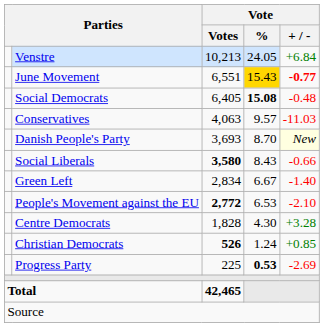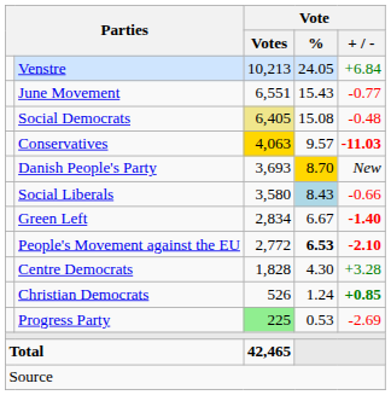 <table class="wikitable" style="text-align:right;">
 <tr>
 <th style="text-align:centre;" rowspan="2" colspan="2" width="225">Parties</th>
 <th colspan="3">Vote</th>
 </tr>
 <tr>
 <th width="15">Votes</th>
 <th width="15">%</th>
 <th width="15">+ / -</th>
 </tr>
 <tr>
 <td width="2" style="color:inherit;background:"></td>
 <td bgcolor=#cfe5fe   align="left"><a href='#'>Venstre</a></td>
 <td bgcolor=#cfe5fe>10,213</td>
 <td bgcolor=#cfe5fe>24.05</td>
 <td style=color:green;>+6.84</td>
 </tr>
 <tr>
 <td width="2" style="color:inherit;background:"></td>
 <td align="left"><a href='#'>June Movement</a></td>
 <td>6,551</td>
-<td style="background: gold;">15.43</td>
-<td style=color:red;><strong>-0.77</strong></td>
+<td>15.43</td>
+<td style=color:red;>-0.77</td>
 </tr>
 <tr>
 <td width="2" style="color:inherit;background:"></td>
 <td align="left"><a href='#'>Social Democrats</a></td>
-<td>6,405</td>
-<td><strong>15.08</strong></td>
+<td style="background: khaki;">6,405</td>
+<td>15.08</td>
 <td style=color:red;>-0.48</td>
 </tr>
 <tr>
 <td width="2" style="color:inherit;background:"></td>
 <td align="left"><a href='#'>Conservatives</a></td>
-<td>4,063</td>
+<td style="background: gold;">4,063</td>
 <td>9.57</td>
-<td style=color:red;>-11.03</td>
+<td style=color:red;><strong>-11.03</strong></td>
 </tr>
 <tr>
 <td width="2" style="color:inherit;background:"></td>
 <td align="left"><a href='#'>Danish People's Party</a></td>
 <td>3,693</td>
-<td>8.70</td>
-<td style="background: lightyellow;"><em>New</em></td>
+<td style="background: gold;">8.70</td>
+<td><em>New</em></td>
 </tr>
 <tr>
 <td width="2" style="color:inherit;background:"></td>
 <td align="left"><a href='#'>Social Liberals</a></td>
-<td><strong>3,580</strong></td>
-<td>8.43</td>
+<td>3,580</td>
+<td style="background: lightblue;">8.43</td>
 <td style=color:red;>-0.66</td>
 </tr>
 <tr>
 <td width="2" style="color:inherit;background:"></td>
 <td align="left"><a href='#'>Green Left</a></td>
 <td>2,834</td>
 <td>6.67</td>
-<td style=color:red;>-1.40</td>
+<td style=color:red;><strong>-1.40</strong></td>
 </tr>
 <tr>
 <td width="2" style="color:inherit;background:"></td>
 <td align="left"><a href='#'>People's Movement against the EU</a></td>
-<td><strong>2,772</strong></td>
-<td>6.53</td>
-<td style=color:red;>-2.10</td>
+<td>2,772</td>
+<td><strong>6.53</strong></td>
+<td style=color:red;><strong>-2.10</strong></td>
 </tr>
 <tr>
 <td width="2" style="color:inherit;background:"></td>
 <td align="left"><a href='#'>Centre Democrats</a></td>
 <td>1,828</td>
 <td>4.30</td>
 <td style=color:green;>+3.28</td>
 </tr>
 <tr>
 <td width="2" style="color:inherit;background:"></td>
 <td align="left"><a href='#'>Christian Democrats</a></td>
-<td><strong>526</strong></td>
+<td>526</td>
 <td>1.24</td>
-<td style=color:green;>+0.85</td>
+<td style=color:green;><strong>+0.85</strong></td>
 </tr>
 <tr>
 <td width="2" style="color:inherit;background:"></td>
 <td align="left"><a href='#'>Progress Party</a></td>
-<td>225</td>
-<td><strong>0.53</strong></td>
+<td style="background: lightgreen;">225</td>
+<td>0.53</td>
 <td style=color:red;>-2.69</td>
 </tr>
 <tr>
 <td colspan="7" bgcolor="#E9E9E9"></td>
 </tr>
 <tr>
 <td align="left" colspan="2"><strong>Total</strong></td>
 <td><strong>42,465</strong></td>
 <td bgcolor="#E9E9E9" colspan="2"></td>
 </tr>
 <tr>
 <td align="left" colspan="6">Source</td>
 </tr>
 </table>
